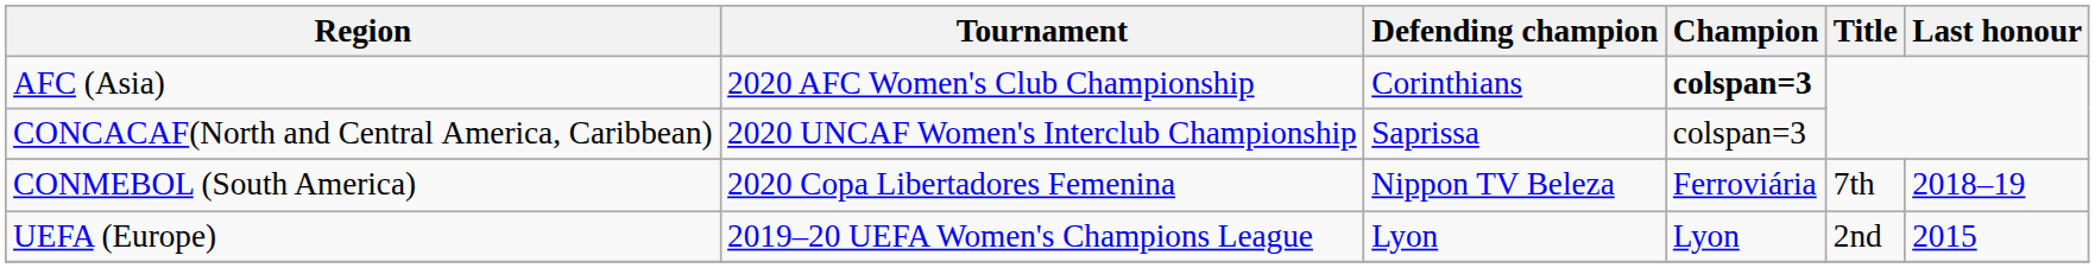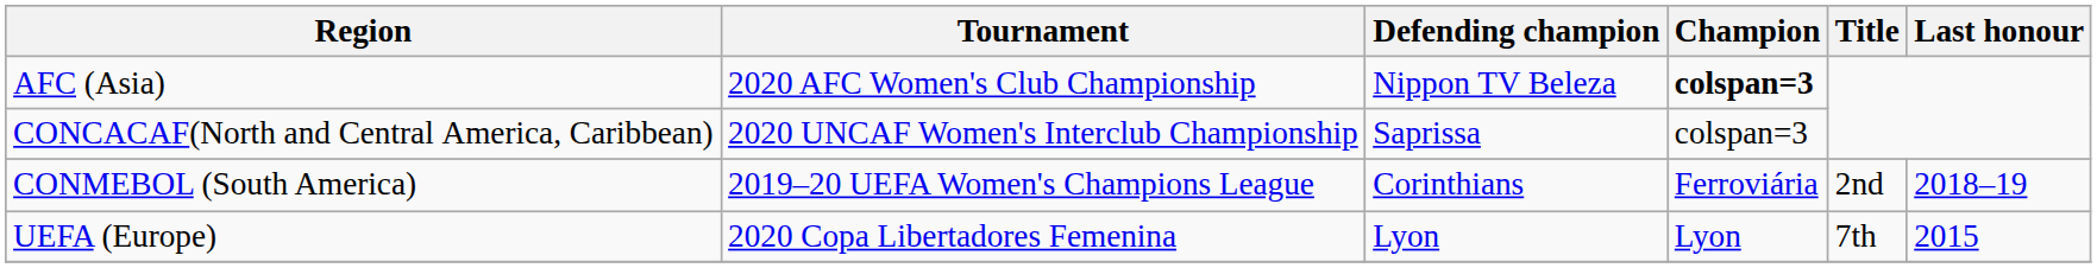 <table class="wikitable">
 <tr>
 <th>Region</th>
 <th>Tournament</th>
 <th>Defending champion</th>
 <th>Champion</th>
 <th>Title</th>
 <th>Last honour</th>
 </tr>
 <tr>
 <td><a href='#'>AFC</a> (Asia)</td>
 <td><a href='#'>2020 AFC Women's Club Championship</a></td>
-<td> <a href='#'>Corinthians</a></td>
+<td> <a href='#'>Nippon TV Beleza</a></td>
 <td><strong>colspan=3 </strong></td>
 </tr>
 <tr>
 <td><a href='#'>CONCACAF</a>(North and Central America, Caribbean)</td>
 <td><a href='#'>2020 UNCAF Women's Interclub Championship</a></td>
 <td> <a href='#'>Saprissa</a></td>
 <td>colspan=3 </td>
 </tr>
 <tr>
 <td><a href='#'>CONMEBOL</a> (South America)</td>
-<td><a href='#'>2020 Copa Libertadores Femenina</a></td>
-<td> <a href='#'>Nippon TV Beleza</a></td>
+<td><a href='#'>2019–20 UEFA Women's Champions League</a></td>
+<td> <a href='#'>Corinthians</a></td>
 <td> <a href='#'>Ferroviária</a></td>
-<td>7th</td>
+<td>2nd</td>
 <td><a href='#'>2018–19</a></td>
 </tr>
 <tr>
 <td><a href='#'>UEFA</a> (Europe)</td>
-<td><a href='#'>2019–20 UEFA Women's Champions League</a></td>
+<td><a href='#'>2020 Copa Libertadores Femenina</a></td>
 <td> <a href='#'>Lyon</a></td>
 <td> <a href='#'>Lyon</a></td>
-<td>2nd</td>
+<td>7th</td>
 <td><a href='#'>2015</a></td>
 </tr>
 <tr>
 </tr>
 </table>
